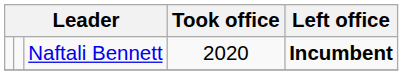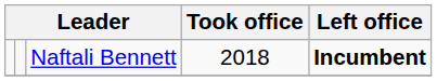 <table class="wikitable" style="text-align: center;">
 <tr>
 <th colspan="3">Leader</th>
 <th>Took office</th>
 <th>Left office</th>
 </tr>
 <tr>
 <td style="background: "></td>
 <td></td>
 <td><a href='#'>Naftali Bennett</a></td>
-<td>2020</td>
+<td>2018</td>
 <td><strong>Incumbent</strong></td>
 </tr>
 <tr>
 </tr>
 </table>
